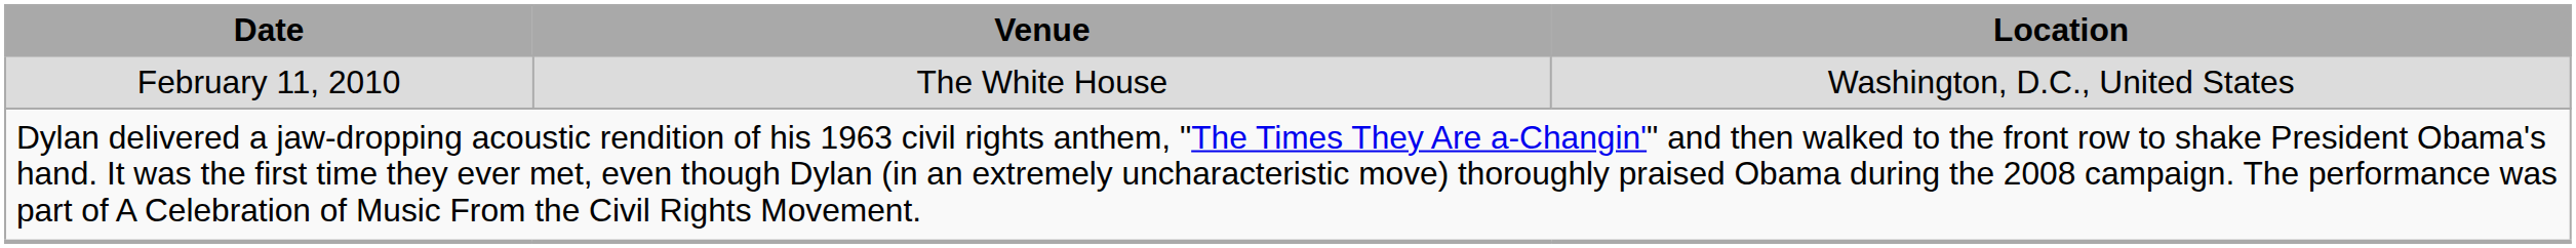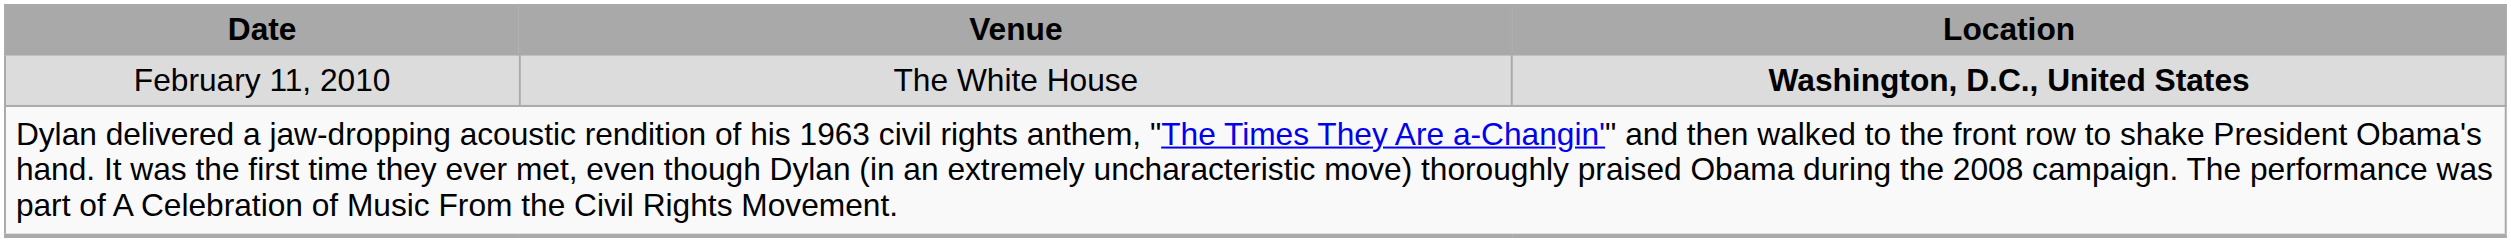 <table class="wikitable" style="width:100%; text-align:center;">
 <tr>
 <th style="width:100px; background:darkGrey;">Date</th>
 <th style="width:200px; background:darkGrey;">Venue</th>
 <th style="width:200px; background:darkGrey;">Location</th>
 </tr>
 <tr style="background:#DCDCDC;">
 <td>February 11, 2010</td>
 <td>The White House</td>
-<td>Washington, D.C., United States</td>
+<td><strong>Washington, D.C., United States</strong></td>
 </tr>
 <tr>
 <td colspan="5" style="border-bottom-width:3px; padding:5px; text-align:left;">Dylan delivered a jaw-dropping acoustic rendition of his 1963 civil rights anthem, "<a href='#'>The Times They Are a-Changin'</a>" and then walked to the front row to shake President Obama's hand. It was the first time they ever met, even though Dylan (in an extremely uncharacteristic move) thoroughly praised Obama during the 2008 campaign. The performance was part of A Celebration of Music From the Civil Rights Movement.</td>
 </tr>
 <tr>
 </tr>
 </table>
